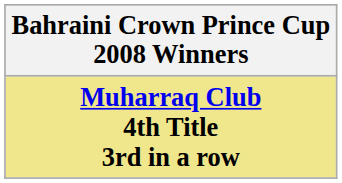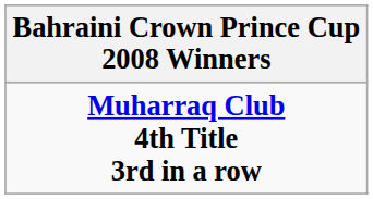 <table class="wikitable" style="text-align: center; margin: 0 auto;">
 <tr>
 <th>Bahraini Crown Prince Cup <br>2008 Winners</th>
 </tr>
 <tr>
-<td style="background: khaki;"><strong><a href='#'>Muharraq Club</a></strong><br><strong>4th Title</strong> <br> <strong>3rd in a row</strong></td>
+<td><strong><a href='#'>Muharraq Club</a></strong><br><strong>4th Title</strong> <br> <strong>3rd in a row</strong></td>
 </tr>
 </table>
